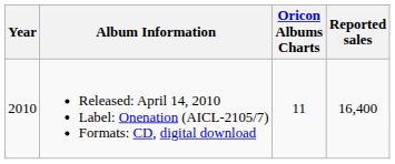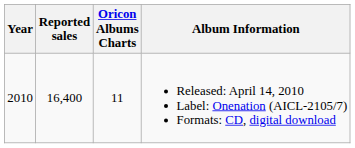 <table class="wikitable">
 <tr>
 <th rowspan="1">Year</th>
+<th colspan="1">Reported<br>sales<br></th>
+<th colspan="1"><a href='#'>Oricon</a><br>Albums<br>Charts<br></th>
 <th rowspan="1">Album Information</th>
-<th colspan="1"><a href='#'>Oricon</a><br>Albums<br>Charts<br></th>
-<th colspan="1">Reported<br>sales<br></th>
 </tr>
 <tr>
 <td align="center">2010</td>
+<td align="center">16,400</td>
+<td align="center">11</td>
 <td><br><ul><li>Released: April 14, 2010</li><li>Label: <a href='#'>Onenation</a> (AICL-2105/7)</li><li>Formats: <a href='#'>CD</a>, <a href='#'>digital download</a></li></ul></td>
-<td align="center">11</td>
-<td align="center">16,400</td>
 </tr>
 </table>
